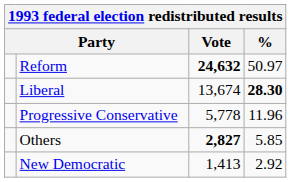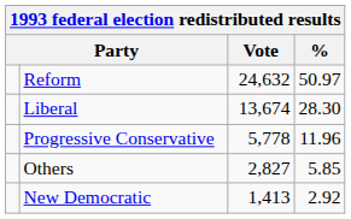 <table class="wikitable">
 <tr>
 <th colspan="4"><a href='#'>1993 federal election</a> redistributed results</th>
 </tr>
 <tr>
 <th bgcolor="#DDDDFF" width="130px" colspan="2">Party</th>
 <th bgcolor="#DDDDFF" width="50px">Vote</th>
 <th bgcolor="#DDDDFF" width="30px">%</th>
 </tr>
 <tr>
 <td> </td>
 <td><a href='#'>Reform</a></td>
-<td align=right><strong>24,632</strong></td>
+<td align=right>24,632</td>
 <td align=right>50.97</td>
 </tr>
 <tr>
 <td> </td>
 <td><a href='#'>Liberal</a></td>
 <td align=right>13,674</td>
-<td align=right><strong>28.30</strong></td>
+<td align=right>28.30</td>
 </tr>
 <tr>
 <td> </td>
 <td><a href='#'>Progressive Conservative</a></td>
 <td align=right>5,778</td>
 <td align=right>11.96</td>
 </tr>
 <tr>
 <td> </td>
 <td>Others</td>
-<td align=right><strong>2,827</strong></td>
+<td align=right>2,827</td>
 <td align=right>5.85</td>
 </tr>
 <tr>
 <td> </td>
 <td><a href='#'>New Democratic</a></td>
 <td align=right>1,413</td>
 <td align=right>2.92</td>
 </tr>
 </table>
